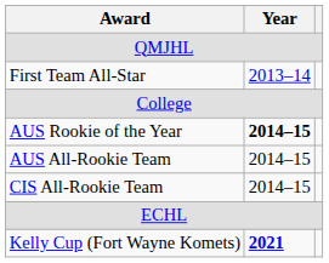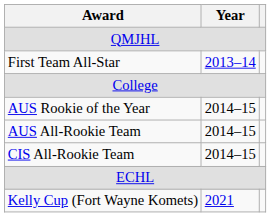 <table class="wikitable">
 <tr>
 <th>Award</th>
 <th>Year</th>
 <th></th>
 </tr>
 <tr ALIGN="center" bgcolor="#e0e0e0">
 <td colspan="3"><a href='#'>QMJHL</a></td>
 </tr>
 <tr>
 <td>First Team All-Star</td>
 <td><a href='#'>2013–14</a></td>
 <td></td>
 </tr>
 <tr ALIGN="center" bgcolor="#e0e0e0">
 <td colspan="3"><a href='#'>College</a></td>
 </tr>
 <tr>
 <td><a href='#'>AUS</a> Rookie of the Year</td>
-<td><strong>2014–15</strong></td>
+<td>2014–15</td>
 <td></td>
 </tr>
 <tr>
 <td><a href='#'>AUS</a> All-Rookie Team</td>
 <td>2014–15</td>
 <td></td>
 </tr>
 <tr>
 <td><a href='#'>CIS</a> All-Rookie Team</td>
 <td>2014–15</td>
 <td></td>
 </tr>
 <tr ALIGN="center" bgcolor="#e0e0e0">
 <td colspan="3"><a href='#'>ECHL</a></td>
 </tr>
 <tr>
 <td><a href='#'>Kelly Cup</a> (Fort Wayne Komets)</td>
-<td><strong><a href='#'>2021</a></strong></td>
+<td><a href='#'>2021</a></td>
 <td></td>
 </tr>
 </table>
